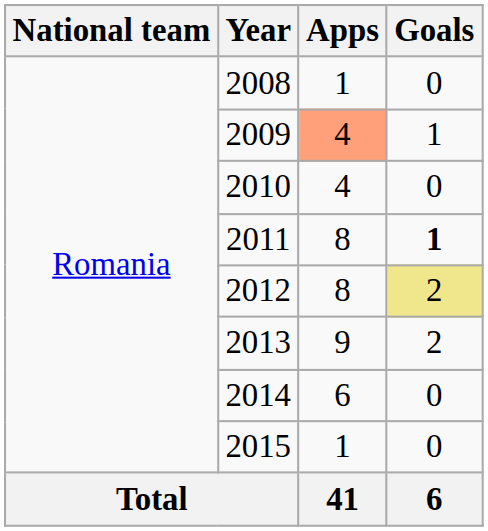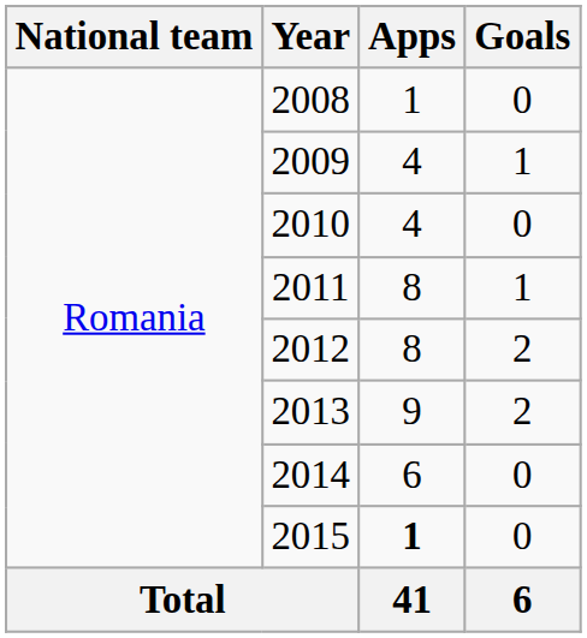 <table class="wikitable" style="text-align:center">
 <tr>
 <th>National team</th>
 <th>Year</th>
 <th>Apps</th>
 <th>Goals</th>
 </tr>
 <tr>
 <td rowspan="8"><a href='#'>Romania</a></td>
 <td>2008</td>
 <td>1</td>
 <td>0</td>
 </tr>
 <tr>
 <td>2009</td>
-<td style="background: lightsalmon;">4</td>
+<td>4</td>
 <td>1</td>
 </tr>
 <tr>
 <td>2010</td>
 <td>4</td>
 <td>0</td>
 </tr>
 <tr>
 <td>2011</td>
 <td>8</td>
-<td><strong>1</strong></td>
+<td>1</td>
 </tr>
 <tr>
 <td>2012</td>
 <td>8</td>
-<td style="background: khaki;">2</td>
+<td>2</td>
 </tr>
 <tr>
 <td>2013</td>
 <td>9</td>
 <td>2</td>
 </tr>
 <tr>
 <td>2014</td>
 <td>6</td>
 <td>0</td>
 </tr>
 <tr>
 <td>2015</td>
-<td>1</td>
+<td><strong>1</strong></td>
 <td>0</td>
 </tr>
 <tr>
 <th colspan=2>Total</th>
 <th>41</th>
 <th>6</th>
 </tr>
 </table>
